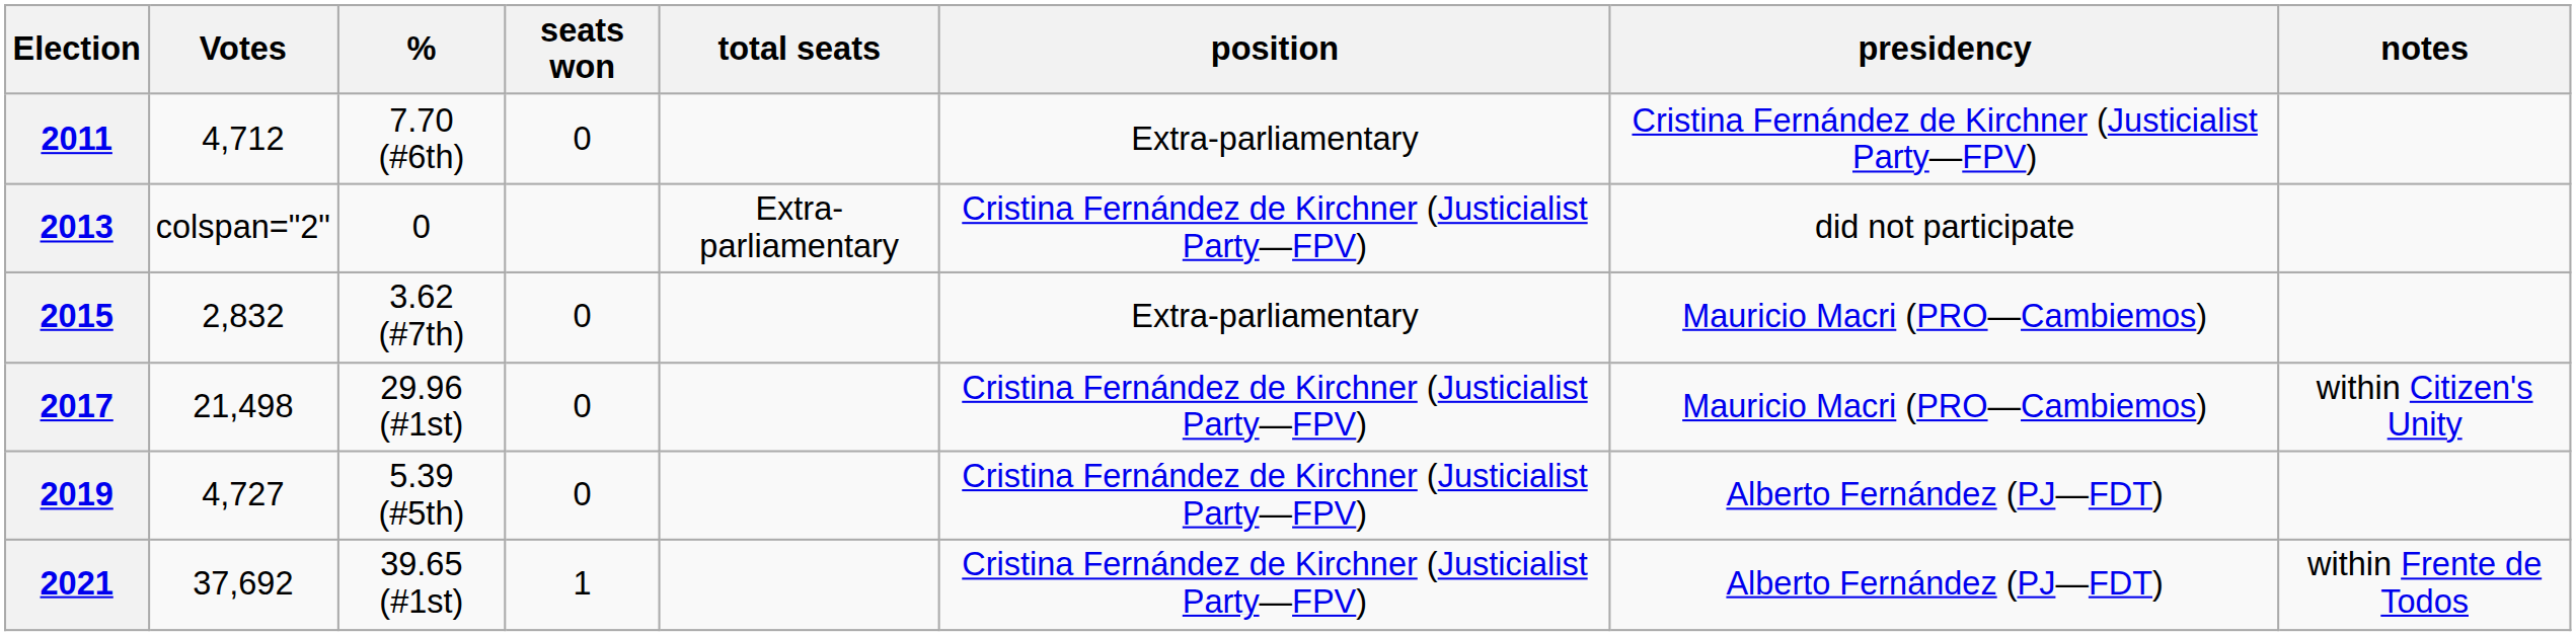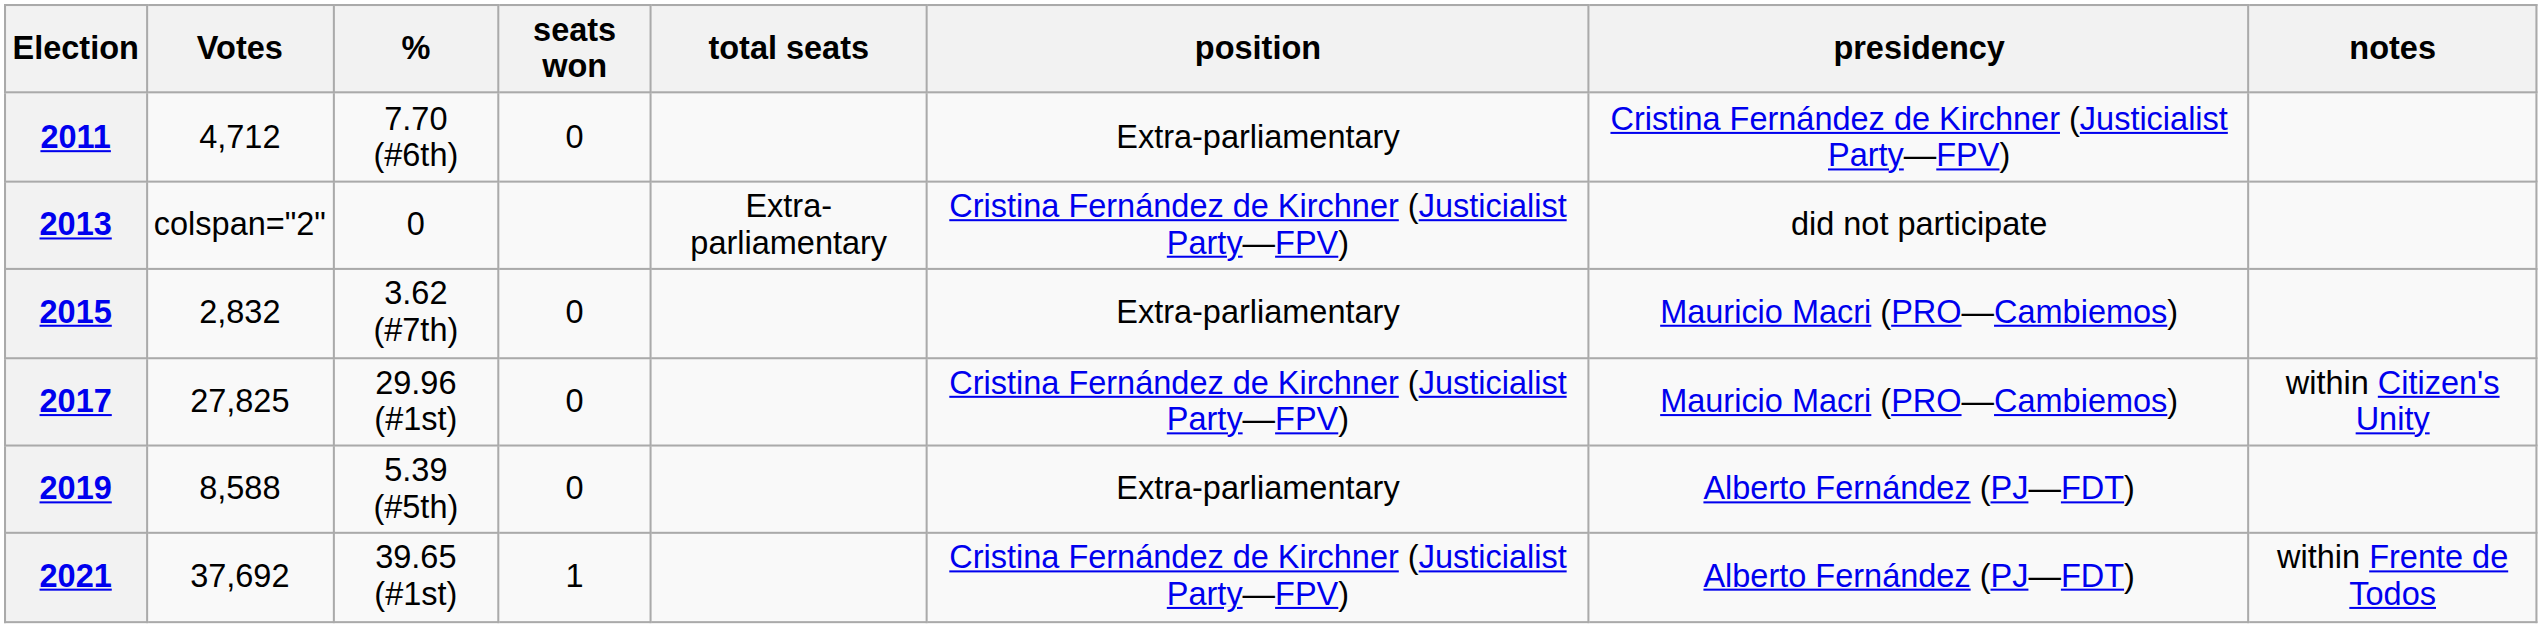 <table class="wikitable" style=text-align:center>
 <tr>
 <th>Election</th>
 <th>Votes</th>
 <th>%</th>
 <th>seats won</th>
 <th>total seats</th>
 <th>position</th>
 <th>presidency</th>
 <th>notes</th>
 </tr>
 <tr>
 <th><a href='#'>2011</a></th>
 <td>4,712</td>
 <td>7.70 (#6th)</td>
 <td>0</td>
 <td></td>
 <td>Extra-parliamentary</td>
 <td><a href='#'>Cristina Fernández de Kirchner</a> (<a href='#'>Justicialist Party</a>—<a href='#'>FPV</a>)</td>
 <td></td>
 </tr>
 <tr>
 <th><a href='#'>2013</a></th>
 <td>colspan="2" </td>
 <td>0</td>
 <td></td>
 <td>Extra-parliamentary</td>
 <td><a href='#'>Cristina Fernández de Kirchner</a> (<a href='#'>Justicialist Party</a>—<a href='#'>FPV</a>)</td>
 <td>did not participate</td>
 </tr>
 <tr>
 <th><a href='#'>2015</a></th>
 <td>2,832</td>
 <td>3.62 (#7th)</td>
 <td>0</td>
 <td></td>
 <td>Extra-parliamentary</td>
 <td><a href='#'>Mauricio Macri</a> (<a href='#'>PRO</a>—<a href='#'>Cambiemos</a>)</td>
 <td></td>
 </tr>
 <tr>
 <th><a href='#'>2017</a></th>
-<td>21,498</td>
+<td>27,825</td>
 <td>29.96 (#1st)</td>
 <td>0</td>
 <td></td>
 <td><a href='#'>Cristina Fernández de Kirchner</a> (<a href='#'>Justicialist Party</a>—<a href='#'>FPV</a>)</td>
 <td><a href='#'>Mauricio Macri</a> (<a href='#'>PRO</a>—<a href='#'>Cambiemos</a>)</td>
 <td>within <a href='#'>Citizen's Unity</a></td>
 </tr>
 <tr>
 <th><a href='#'>2019</a></th>
-<td>4,727</td>
+<td>8,588</td>
 <td>5.39 (#5th)</td>
 <td>0</td>
 <td></td>
-<td><a href='#'>Cristina Fernández de Kirchner</a> (<a href='#'>Justicialist Party</a>—<a href='#'>FPV</a>)</td>
+<td>Extra-parliamentary</td>
 <td><a href='#'>Alberto Fernández</a> (<a href='#'>PJ</a>—<a href='#'>FDT</a>)</td>
 <td></td>
 </tr>
 <tr>
 <th><a href='#'>2021</a></th>
 <td>37,692</td>
 <td>39.65 (#1st)</td>
 <td>1</td>
 <td></td>
 <td><a href='#'>Cristina Fernández de Kirchner</a> (<a href='#'>Justicialist Party</a>—<a href='#'>FPV</a>)</td>
 <td><a href='#'>Alberto Fernández</a> (<a href='#'>PJ</a>—<a href='#'>FDT</a>)</td>
 <td>within <a href='#'>Frente de Todos</a></td>
 </tr>
 </table>
